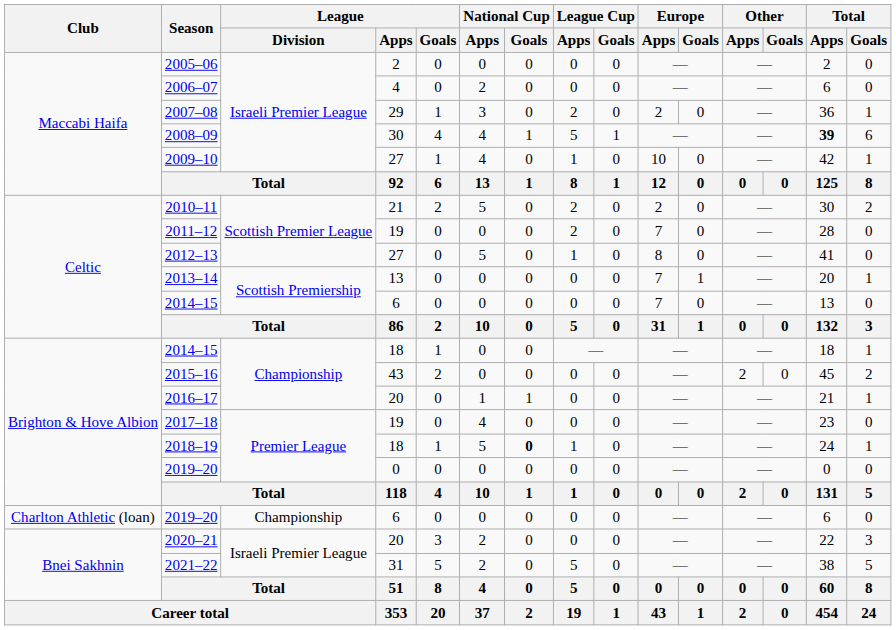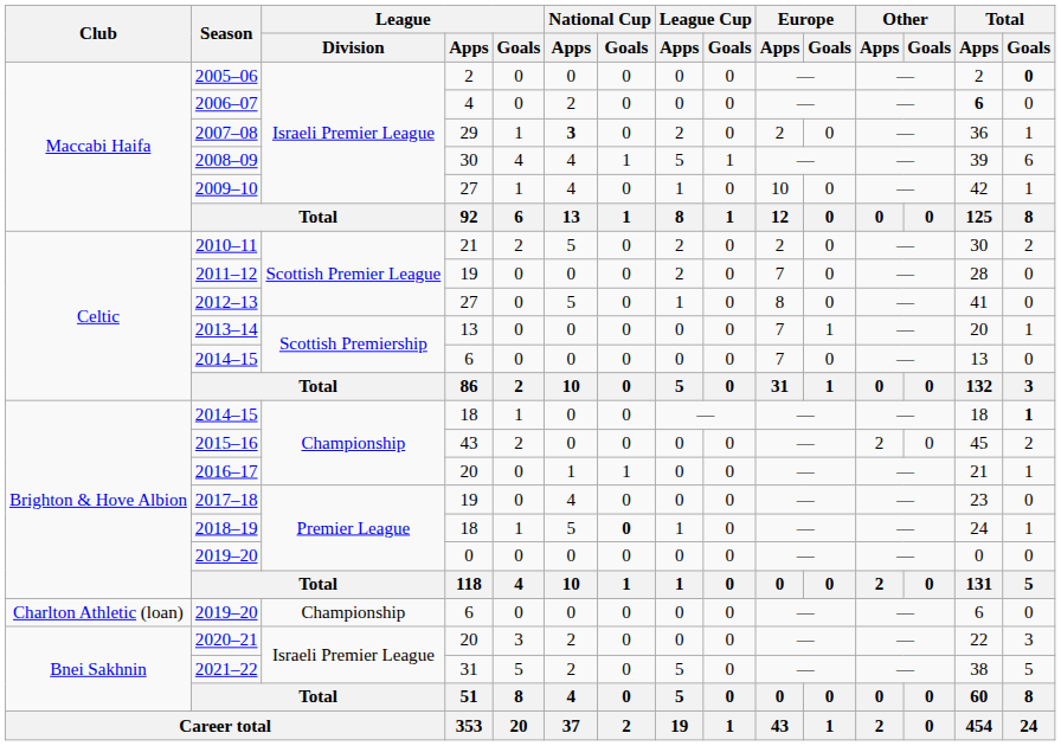 <table class=wikitable style=text-align:center>
 <tr>
 <th rowspan="2">Club</th>
 <th rowspan="2">Season</th>
 <th colspan="3">League</th>
 <th colspan="2">National Cup</th>
 <th colspan="2">League Cup</th>
 <th colspan="2">Europe</th>
 <th colspan="2">Other</th>
 <th colspan="2">Total</th>
 </tr>
 <tr>
 <th>Division</th>
 <th>Apps</th>
 <th>Goals</th>
 <th>Apps</th>
 <th>Goals</th>
 <th>Apps</th>
 <th>Goals</th>
 <th>Apps</th>
 <th>Goals</th>
 <th>Apps</th>
 <th>Goals</th>
 <th>Apps</th>
 <th>Goals</th>
 </tr>
 <tr>
 <td rowspan="6"><a href='#'>Maccabi Haifa</a></td>
 <td><a href='#'>2005–06</a></td>
 <td rowspan="5"><a href='#'>Israeli Premier League</a></td>
 <td>2</td>
 <td>0</td>
 <td>0</td>
 <td>0</td>
 <td>0</td>
 <td>0</td>
 <td colspan=2>—</td>
 <td colspan=2>—</td>
 <td>2</td>
-<td>0</td>
+<td><strong>0</strong></td>
 </tr>
 <tr>
 <td><a href='#'>2006–07</a></td>
 <td>4</td>
 <td>0</td>
 <td>2</td>
 <td>0</td>
 <td>0</td>
 <td>0</td>
 <td colspan=2>—</td>
 <td colspan=2>—</td>
-<td>6</td>
+<td><strong>6</strong></td>
 <td>0</td>
 </tr>
 <tr>
 <td><a href='#'>2007–08</a></td>
 <td>29</td>
 <td>1</td>
-<td>3</td>
+<td><strong>3</strong></td>
 <td>0</td>
 <td>2</td>
 <td>0</td>
 <td>2</td>
 <td>0</td>
 <td colspan=2>—</td>
 <td>36</td>
 <td>1</td>
 </tr>
 <tr>
 <td><a href='#'>2008–09</a></td>
 <td>30</td>
 <td>4</td>
 <td>4</td>
 <td>1</td>
 <td>5</td>
 <td>1</td>
 <td colspan=2>—</td>
 <td colspan=2>—</td>
-<td><strong>39</strong></td>
+<td>39</td>
 <td>6</td>
 </tr>
 <tr>
 <td><a href='#'>2009–10</a></td>
 <td>27</td>
 <td>1</td>
 <td>4</td>
 <td>0</td>
 <td>1</td>
 <td>0</td>
 <td>10</td>
 <td>0</td>
 <td colspan=2>—</td>
 <td>42</td>
 <td>1</td>
 </tr>
 <tr>
 <th colspan="2">Total</th>
 <th>92</th>
 <th>6</th>
 <th>13</th>
 <th>1</th>
 <th>8</th>
 <th>1</th>
 <th>12</th>
 <th>0</th>
 <th>0</th>
 <th>0</th>
 <th>125</th>
 <th>8</th>
 </tr>
 <tr>
 <td rowspan="6"><a href='#'>Celtic</a></td>
 <td><a href='#'>2010–11</a></td>
 <td rowspan="3"><a href='#'>Scottish Premier League</a></td>
 <td>21</td>
 <td>2</td>
 <td>5</td>
 <td>0</td>
 <td>2</td>
 <td>0</td>
 <td>2</td>
 <td>0</td>
 <td colspan=2>—</td>
 <td>30</td>
 <td>2</td>
 </tr>
 <tr>
 <td><a href='#'>2011–12</a></td>
 <td>19</td>
 <td>0</td>
 <td>0</td>
 <td>0</td>
 <td>2</td>
 <td>0</td>
 <td>7</td>
 <td>0</td>
 <td colspan=2>—</td>
 <td>28</td>
 <td>0</td>
 </tr>
 <tr>
 <td><a href='#'>2012–13</a></td>
 <td>27</td>
 <td>0</td>
 <td>5</td>
 <td>0</td>
 <td>1</td>
 <td>0</td>
 <td>8</td>
 <td>0</td>
 <td colspan=2>—</td>
 <td>41</td>
 <td>0</td>
 </tr>
 <tr>
 <td><a href='#'>2013–14</a></td>
 <td rowspan="2"><a href='#'>Scottish Premiership</a></td>
 <td>13</td>
 <td>0</td>
 <td>0</td>
 <td>0</td>
 <td>0</td>
 <td>0</td>
 <td>7</td>
 <td>1</td>
 <td colspan=2>—</td>
 <td>20</td>
 <td>1</td>
 </tr>
 <tr>
 <td><a href='#'>2014–15</a></td>
 <td>6</td>
 <td>0</td>
 <td>0</td>
 <td>0</td>
 <td>0</td>
 <td>0</td>
 <td>7</td>
 <td>0</td>
 <td colspan=2>—</td>
 <td>13</td>
 <td>0</td>
 </tr>
 <tr>
 <th colspan="2">Total</th>
 <th>86</th>
 <th>2</th>
 <th>10</th>
 <th>0</th>
 <th>5</th>
 <th>0</th>
 <th>31</th>
 <th>1</th>
 <th>0</th>
 <th>0</th>
 <th>132</th>
 <th>3</th>
 </tr>
 <tr>
 <td rowspan="7"><a href='#'>Brighton & Hove Albion</a></td>
 <td><a href='#'>2014–15</a></td>
 <td rowspan="3"><a href='#'>Championship</a></td>
 <td>18</td>
 <td>1</td>
 <td>0</td>
 <td>0</td>
 <td colspan=2>—</td>
 <td colspan=2>—</td>
 <td colspan=2>—</td>
 <td>18</td>
-<td>1</td>
+<td><strong>1</strong></td>
 </tr>
 <tr>
 <td><a href='#'>2015–16</a></td>
 <td>43</td>
 <td>2</td>
 <td>0</td>
 <td>0</td>
 <td>0</td>
 <td>0</td>
 <td colspan=2>—</td>
 <td>2</td>
 <td>0</td>
 <td>45</td>
 <td>2</td>
 </tr>
 <tr>
 <td><a href='#'>2016–17</a></td>
 <td>20</td>
 <td>0</td>
 <td>1</td>
 <td>1</td>
 <td>0</td>
 <td>0</td>
 <td colspan=2>—</td>
 <td colspan=2>—</td>
 <td>21</td>
 <td>1</td>
 </tr>
 <tr>
 <td><a href='#'>2017–18</a></td>
 <td rowspan="3"><a href='#'>Premier League</a></td>
 <td>19</td>
 <td>0</td>
 <td>4</td>
 <td>0</td>
 <td>0</td>
 <td>0</td>
 <td colspan=2>—</td>
 <td colspan=2>—</td>
 <td>23</td>
 <td>0</td>
 </tr>
 <tr>
 <td><a href='#'>2018–19</a></td>
 <td>18</td>
 <td>1</td>
 <td>5</td>
 <td><strong>0</strong></td>
 <td>1</td>
 <td>0</td>
 <td colspan=2>—</td>
 <td colspan=2>—</td>
 <td>24</td>
 <td>1</td>
 </tr>
 <tr>
 <td><a href='#'>2019–20</a></td>
 <td>0</td>
 <td>0</td>
 <td>0</td>
 <td>0</td>
 <td>0</td>
 <td>0</td>
 <td colspan=2>—</td>
 <td colspan=2>—</td>
 <td>0</td>
 <td>0</td>
 </tr>
 <tr>
 <th colspan="2">Total</th>
 <th>118</th>
 <th>4</th>
 <th>10</th>
 <th>1</th>
 <th>1</th>
 <th>0</th>
 <th>0</th>
 <th>0</th>
 <th>2</th>
 <th>0</th>
 <th>131</th>
 <th>5</th>
 </tr>
 <tr>
 <td><a href='#'>Charlton Athletic</a> (loan)</td>
 <td><a href='#'>2019–20</a></td>
 <td>Championship</td>
 <td>6</td>
 <td>0</td>
 <td>0</td>
 <td>0</td>
 <td>0</td>
 <td>0</td>
 <td colspan=2>—</td>
 <td colspan=2>—</td>
 <td>6</td>
 <td>0</td>
 </tr>
 <tr>
 <td rowspan="3"><a href='#'>Bnei Sakhnin</a></td>
 <td><a href='#'>2020–21</a></td>
 <td rowspan="2">Israeli Premier League</td>
 <td>20</td>
 <td>3</td>
 <td>2</td>
 <td>0</td>
 <td>0</td>
 <td>0</td>
 <td colspan=2>—</td>
 <td colspan=2>—</td>
 <td>22</td>
 <td>3</td>
 </tr>
 <tr>
 <td><a href='#'>2021–22</a></td>
 <td>31</td>
 <td>5</td>
 <td>2</td>
 <td>0</td>
 <td>5</td>
 <td>0</td>
 <td colspan=2>—</td>
 <td colspan=2>—</td>
 <td>38</td>
 <td>5</td>
 </tr>
 <tr>
 <th colspan="2">Total</th>
 <th>51</th>
 <th>8</th>
 <th>4</th>
 <th>0</th>
 <th>5</th>
 <th>0</th>
 <th>0</th>
 <th>0</th>
 <th>0</th>
 <th>0</th>
 <th>60</th>
 <th>8</th>
 </tr>
 <tr>
 <th colspan=3>Career total</th>
 <th>353</th>
 <th>20</th>
 <th>37</th>
 <th>2</th>
 <th>19</th>
 <th>1</th>
 <th>43</th>
 <th>1</th>
 <th>2</th>
 <th>0</th>
 <th>454</th>
 <th>24</th>
 </tr>
 </table>
